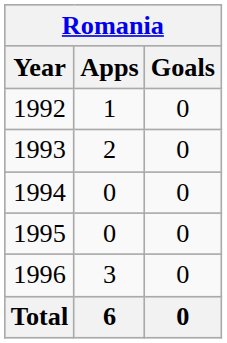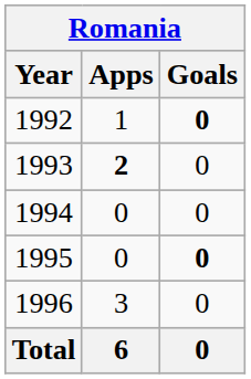 <table class="wikitable" style="text-align:center">
 <tr>
 <th colspan=3><a href='#'>Romania</a></th>
 </tr>
 <tr>
 <th>Year</th>
 <th>Apps</th>
 <th>Goals</th>
 </tr>
 <tr>
 <td>1992</td>
 <td>1</td>
-<td>0</td>
+<td><strong>0</strong></td>
 </tr>
 <tr>
 <td>1993</td>
-<td>2</td>
+<td><strong>2</strong></td>
 <td>0</td>
 </tr>
 <tr>
 <td>1994</td>
 <td>0</td>
 <td>0</td>
 </tr>
 <tr>
 <td>1995</td>
 <td>0</td>
-<td>0</td>
+<td><strong>0</strong></td>
 </tr>
 <tr>
 <td>1996</td>
 <td>3</td>
 <td>0</td>
 </tr>
 <tr>
 <th>Total</th>
 <th>6</th>
 <th>0</th>
 </tr>
 </table>
